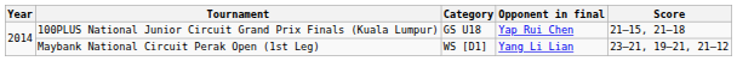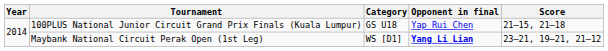 <table class="wikitable">
 <tr>
 <th>Year</th>
 <th>Tournament</th>
 <th>Category</th>
 <th>Opponent in final</th>
 <th>Score</th>
 </tr>
 <tr>
 <td rowspan="2">2014</td>
 <td align="left"> 100PLUS National Junior Circuit Grand Prix Finals (Kuala Lumpur)</td>
 <td align="left">GS U18</td>
 <td align="left"> <a href='#'>Yap Rui Chen</a></td>
 <td align="left">21–15, 21–18</td>
 </tr>
 <tr>
 <td align="left"> Maybank National Circuit Perak Open (1st Leg)</td>
 <td align="left">WS [D1]</td>
-<td align="left"> <a href='#'>Yang Li Lian</a></td>
+<td align="left"><strong> <a href='#'>Yang Li Lian</a></strong></td>
 <td align="left">23–21, 19–21, 21–12</td>
 </tr>
 </table>
